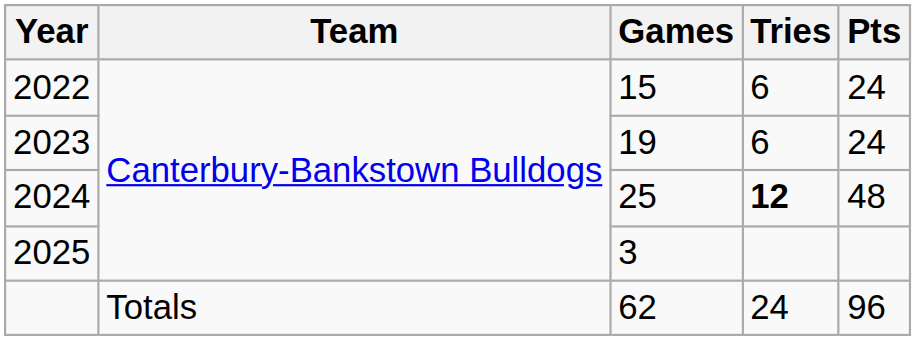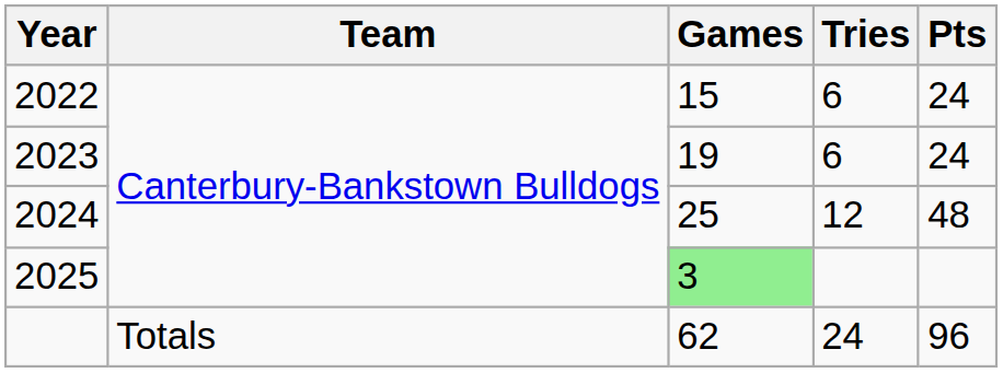 <table class="wikitable">
 <tr>
 <th>Year</th>
 <th>Team</th>
 <th>Games</th>
 <th>Tries</th>
 <th>Pts</th>
 </tr>
 <tr>
 <td>2022</td>
 <td rowspan="4"> <a href='#'>Canterbury-Bankstown Bulldogs</a></td>
 <td>15</td>
 <td>6</td>
 <td>24</td>
 </tr>
 <tr>
 <td>2023</td>
 <td>19</td>
 <td>6</td>
 <td>24</td>
 </tr>
 <tr>
 <td>2024</td>
 <td>25</td>
-<td><strong>12</strong></td>
+<td>12</td>
 <td>48</td>
 </tr>
 <tr>
 <td>2025</td>
-<td>3</td>
+<td style="background: lightgreen;">3</td>
 <td></td>
 <td></td>
 </tr>
 <tr>
 <td></td>
 <td>Totals</td>
 <td>62</td>
 <td>24</td>
 <td>96</td>
 </tr>
 </table>
